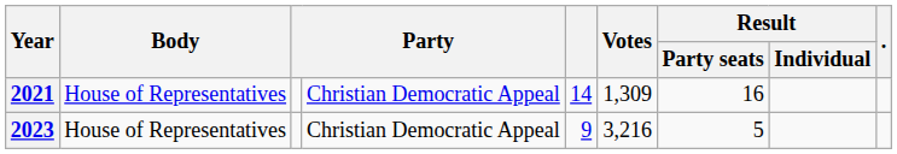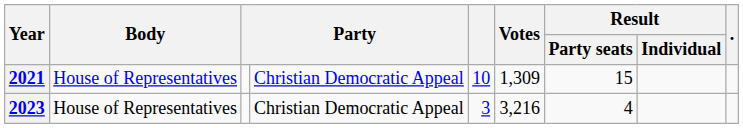 <table class="wikitable plainrowheaders sortable" border=2 cellpadding=4 cellspacing=0 style="border: 1px #aaa solid; font-size: 90%; text-align:center;">
 <tr>
 <th scope="col" rowspan=2>Year</th>
 <th scope="col" rowspan=2>Body</th>
 <th scope="col" colspan=2 rowspan=2>Party</th>
 <th scope="col" rowspan=2></th>
 <th scope="col" rowspan=2>Votes</th>
 <th scope="colgroup" colspan=2>Result</th>
 <th scope="col" rowspan=2 class="unsortable">.</th>
 </tr>
 <tr>
 <th scope="col">Party seats</th>
 <th scope="col">Individual</th>
 </tr>
 <tr>
 <th scope="row"><a href='#'>2021</a></th>
 <td><a href='#'>House of Representatives</a></td>
 <td style="background-color:"></td>
 <td><a href='#'>Christian Democratic Appeal</a></td>
-<td style=text-align:right><a href='#'>14</a></td>
+<td style=text-align:right><a href='#'>10</a></td>
 <td style=text-align:right>1,309</td>
-<td style=text-align:right>16</td>
+<td style=text-align:right>15</td>
 <td></td>
 <td></td>
 </tr>
 <tr>
 <th scope="row"><a href='#'>2023</a></th>
 <td>House of Representatives</td>
 <td style="background-color:"></td>
 <td>Christian Democratic Appeal</td>
-<td style=text-align:right><a href='#'>9</a></td>
+<td style=text-align:right><a href='#'>3</a></td>
 <td style=text-align:right>3,216</td>
-<td style=text-align:right>5</td>
+<td style=text-align:right>4</td>
 <td></td>
 <td></td>
 </tr>
 </table>
